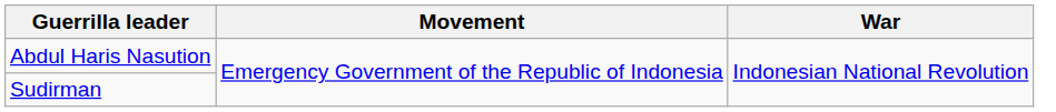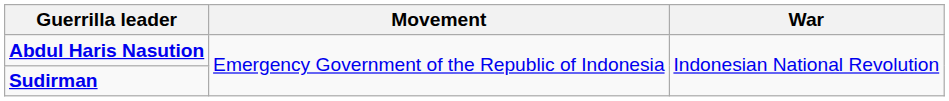 <table class="wikitable">
 <tr>
 <th>Guerrilla leader</th>
 <th>Movement</th>
 <th>War</th>
 </tr>
 <tr>
-<td><a href='#'>Abdul Haris Nasution</a></td>
+<td><strong><a href='#'>Abdul Haris Nasution</a></strong></td>
 <td rowspan="2"><a href='#'>Emergency Government of the Republic of Indonesia</a></td>
 <td rowspan="2"><a href='#'>Indonesian National Revolution</a></td>
 </tr>
 <tr>
-<td><a href='#'>Sudirman</a></td>
+<td><strong><a href='#'>Sudirman</a></strong></td>
 </tr>
 </table>
